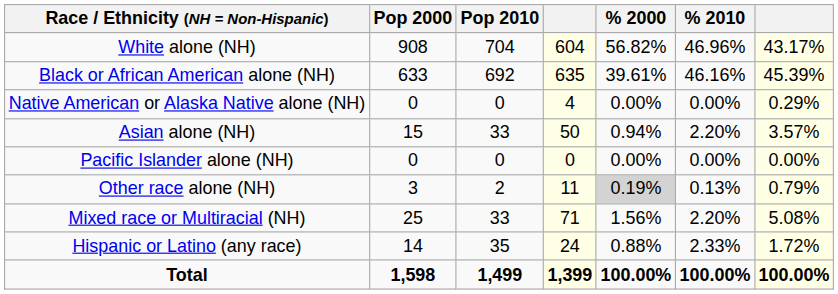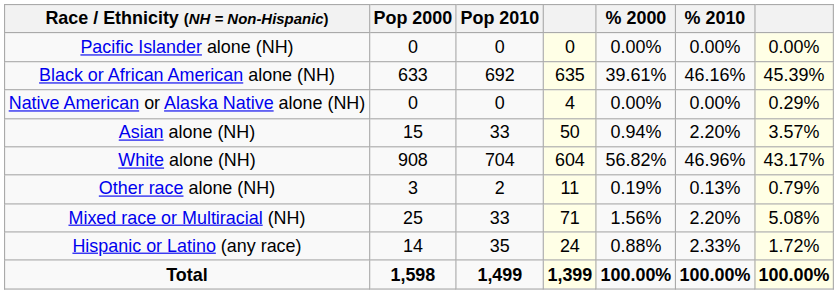 <table class="wikitable" style="text-align:center;">
 <tr>
 <th>Race / Ethnicity <small>(<em>NH = Non-Hispanic</em>)</small></th>
 <th>Pop 2000</th>
 <th>Pop 2010</th>
 <th></th>
 <th>% 2000</th>
 <th>% 2010</th>
 <th></th>
 </tr>
 <tr>
-<td><a href='#'>White</a> alone (NH)</td>
-<td>908</td>
-<td>704</td>
-<td style='background: #ffffe6;'>604</td>
-<td>56.82%</td>
-<td>46.96%</td>
-<td style='background: #ffffe6;'>43.17%</td>
+<td><a href='#'>Pacific Islander</a> alone (NH)</td>
+<td>0</td>
+<td>0</td>
+<td style='background: #ffffe6;'>0</td>
+<td>0.00%</td>
+<td>0.00%</td>
+<td style='background: #ffffe6;'>0.00%</td>
 </tr>
 <tr>
 <td><a href='#'>Black or African American</a> alone (NH)</td>
 <td>633</td>
 <td>692</td>
 <td style='background: #ffffe6;'>635</td>
 <td>39.61%</td>
 <td>46.16%</td>
 <td style='background: #ffffe6;'>45.39%</td>
 </tr>
 <tr>
 <td><a href='#'>Native American</a> or <a href='#'>Alaska Native</a> alone (NH)</td>
 <td>0</td>
 <td>0</td>
 <td style='background: #ffffe6;'>4</td>
 <td>0.00%</td>
 <td>0.00%</td>
 <td style='background: #ffffe6;'>0.29%</td>
 </tr>
 <tr>
 <td><a href='#'>Asian</a> alone (NH)</td>
 <td>15</td>
 <td>33</td>
 <td style='background: #ffffe6;'>50</td>
 <td>0.94%</td>
 <td>2.20%</td>
 <td style='background: #ffffe6;'>3.57%</td>
 </tr>
 <tr>
-<td><a href='#'>Pacific Islander</a> alone (NH)</td>
-<td>0</td>
-<td>0</td>
-<td style='background: #ffffe6;'>0</td>
-<td>0.00%</td>
-<td>0.00%</td>
-<td style='background: #ffffe6;'>0.00%</td>
+<td><a href='#'>White</a> alone (NH)</td>
+<td>908</td>
+<td>704</td>
+<td style='background: #ffffe6;'>604</td>
+<td>56.82%</td>
+<td>46.96%</td>
+<td style='background: #ffffe6;'>43.17%</td>
 </tr>
 <tr>
 <td><a href='#'>Other race</a> alone (NH)</td>
 <td>3</td>
 <td>2</td>
 <td style='background: #ffffe6;'>11</td>
-<td style="background: lightgrey;">0.19%</td>
+<td>0.19%</td>
 <td>0.13%</td>
 <td style='background: #ffffe6;'>0.79%</td>
 </tr>
 <tr>
 <td><a href='#'>Mixed race or Multiracial</a> (NH)</td>
 <td>25</td>
 <td>33</td>
 <td style='background: #ffffe6;'>71</td>
 <td>1.56%</td>
 <td>2.20%</td>
 <td style='background: #ffffe6;'>5.08%</td>
 </tr>
 <tr>
 <td><a href='#'>Hispanic or Latino</a> (any race)</td>
 <td>14</td>
 <td>35</td>
 <td style='background: #ffffe6;'>24</td>
 <td>0.88%</td>
 <td>2.33%</td>
 <td style='background: #ffffe6;'>1.72%</td>
 </tr>
 <tr>
 <td><strong>Total</strong></td>
 <td><strong>1,598</strong></td>
 <td><strong>1,499</strong></td>
 <td style='background: #ffffe6;'><strong>1,399</strong></td>
 <td><strong>100.00%</strong></td>
 <td><strong>100.00%</strong></td>
 <td style='background: #ffffe6;'><strong>100.00%</strong></td>
 </tr>
 </table>
